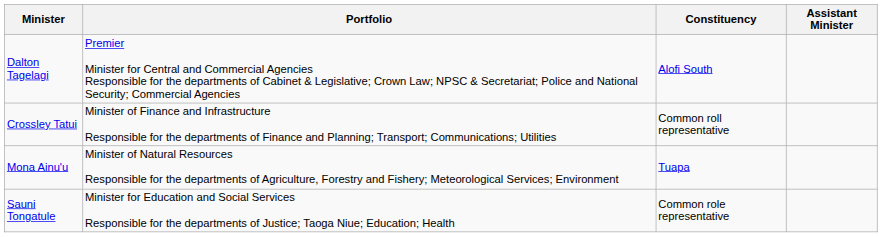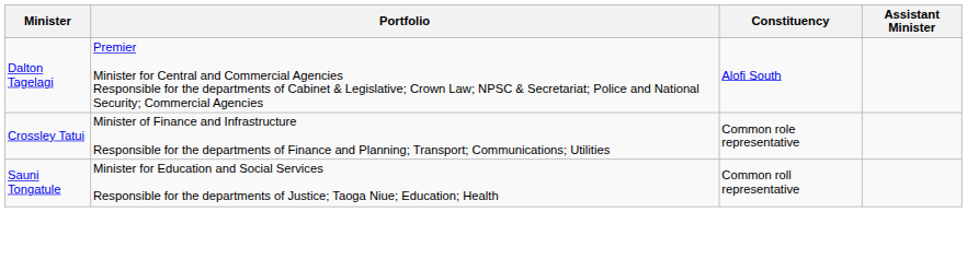 <table class="wikitable">
 <tr>
 <th>Minister</th>
 <th>Portfolio</th>
 <th>Constituency</th>
 <th>Assistant Minister</th>
 </tr>
 <tr>
 <td><a href='#'>Dalton Tagelagi</a></td>
 <td><a href='#'>Premier</a><br><br>Minister for Central and Commercial Agencies<br> Responsible for the departments of Cabinet & Legislative; Crown Law; NPSC & Secretariat; Police and National Security; Commercial Agencies</td>
 <td><a href='#'>Alofi South</a></td>
 <td></td>
 </tr>
 <tr>
 <td><a href='#'>Crossley Tatui</a></td>
 <td>Minister of Finance and Infrastructure<br><br>Responsible for the departments of Finance and Planning; Transport; Communications; Utilities</td>
-<td>Common roll representative</td>
-<td></td>
-</tr>
-<tr>
-<td><a href='#'>Mona Ainu'u</a></td>
-<td>Minister of Natural Resources<br><br>Responsible for the departments of Agriculture, Forestry and Fishery; Meteorological Services; Environment</td>
-<td><a href='#'>Tuapa</a></td>
+<td>Common role representative</td>
 <td></td>
 </tr>
 <tr>
 <td><a href='#'>Sauni Tongatule</a></td>
 <td>Minister for Education and Social Services<br><br>Responsible for the departments of Justice; Taoga Niue; Education; Health</td>
-<td>Common role representative</td>
+<td>Common roll representative</td>
 <td></td>
 </tr>
 </table>
